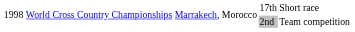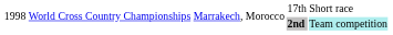 <table>
 <tr>
 <td rowspan=2>1998</td>
 <td rowspan=2><a href='#'>World Cross Country Championships</a></td>
 <td rowspan=2><a href='#'>Marrakech</a>, Morocco</td>
 <td>17th</td>
 <td>Short race</td>
 </tr>
 <tr>
-<td bgcolor="silver">2nd</td>
-<td>Team competition</td>
+<td bgcolor="silver"><strong>2nd</strong></td>
+<td style="background: paleturquoise;">Team competition</td>
 </tr>
 </table>
